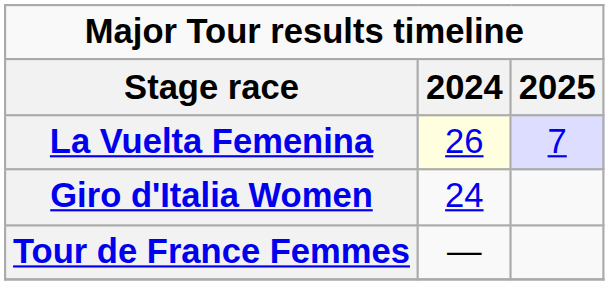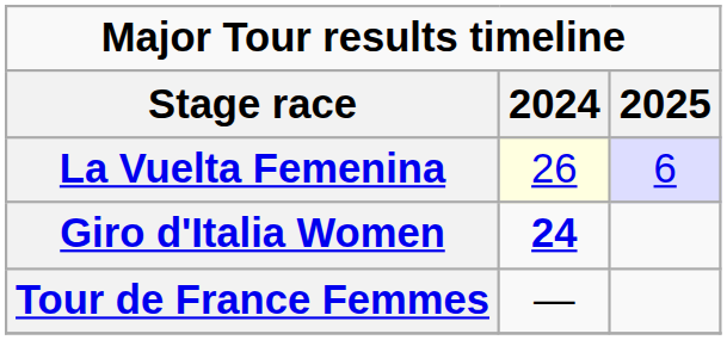 <table class="wikitable plainrowheaders">
 <tr>
 <td colspan="16" align="center"><strong>Major Tour results timeline</strong></td>
 </tr>
 <tr>
 <th>Stage race</th>
 <th>2024</th>
 <th>2025</th>
 </tr>
 <tr style="text-align:center">
 <th scope="row"><a href='#'>La Vuelta Femenina</a></th>
 <td style="background: lightyellow;"><a href='#'>26</a></td>
-<td style="background:#ddf;"><a href='#'>7</a></td>
+<td style="background:#ddf;"><a href='#'>6</a></td>
 </tr>
 <tr style="text-align:center">
 <th scope="row"><a href='#'>Giro d'Italia Women</a></th>
-<td><a href='#'>24</a></td>
+<td><strong><a href='#'>24</a></strong></td>
 <td></td>
 </tr>
 <tr style="text-align:center">
 <th scope="row"><a href='#'>Tour de France Femmes</a></th>
 <td>—</td>
 <td></td>
 </tr>
 <tr>
 </tr>
 </table>
